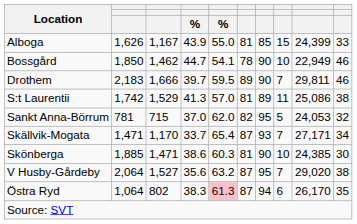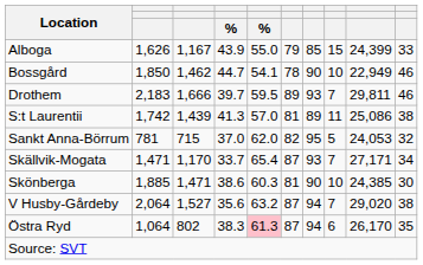 <table role="presentation" class="wikitable sortable mw-collapsible">
 <tr>
 <th rowspan="3">Location</th>
 <th></th>
 <th></th>
 <th></th>
 <th></th>
 <th></th>
 <th></th>
 <th></th>
 <th></th>
 <th></th>
 </tr>
 <tr>
 <th></th>
 <th></th>
 <th style="background:"></th>
 <th style="background:"></th>
 <th></th>
 <th></th>
 <th></th>
 <th></th>
 <th></th>
 </tr>
 <tr>
 <th data-sort-type="number"></th>
 <th data-sort-type="number"></th>
 <th data-sort-type="number">%</th>
 <th data-sort-type="number">%</th>
 <th data-sort-type="number"></th>
 <th data-sort-type="number"></th>
 <th data-sort-type="number"></th>
 <th data-sort-type="number"></th>
 <th data-sort-type="number"></th>
 </tr>
 <tr>
 <td align="left">Alboga</td>
 <td>1,626</td>
 <td>1,167</td>
 <td>43.9</td>
 <td>55.0</td>
-<td>81</td>
+<td>79</td>
 <td>85</td>
 <td>15</td>
 <td>24,399</td>
 <td>33</td>
 </tr>
 <tr>
 <td align="left">Bossgård</td>
 <td>1,850</td>
 <td>1,462</td>
 <td>44.7</td>
 <td>54.1</td>
 <td>78</td>
 <td>90</td>
 <td>10</td>
 <td>22,949</td>
 <td>46</td>
 </tr>
 <tr>
 <td align="left">Drothem</td>
 <td>2,183</td>
 <td>1,666</td>
 <td>39.7</td>
 <td>59.5</td>
 <td>89</td>
-<td>90</td>
+<td>93</td>
 <td>7</td>
 <td>29,811</td>
 <td>46</td>
 </tr>
 <tr>
 <td align="left">S:t Laurentii</td>
 <td>1,742</td>
-<td>1,529</td>
+<td>1,439</td>
 <td>41.3</td>
 <td>57.0</td>
 <td>81</td>
 <td>89</td>
 <td>11</td>
 <td>25,086</td>
 <td>38</td>
 </tr>
 <tr>
 <td align="left">Sankt Anna-Börrum</td>
 <td>781</td>
 <td>715</td>
 <td>37.0</td>
 <td>62.0</td>
 <td>82</td>
 <td>95</td>
 <td>5</td>
 <td>24,053</td>
 <td>32</td>
 </tr>
 <tr>
 <td align="left">Skällvik-Mogata</td>
 <td>1,471</td>
 <td>1,170</td>
 <td>33.7</td>
 <td>65.4</td>
 <td>87</td>
 <td>93</td>
 <td>7</td>
 <td>27,171</td>
 <td>34</td>
 </tr>
 <tr>
 <td align="left">Skönberga</td>
 <td>1,885</td>
 <td>1,471</td>
 <td>38.6</td>
 <td>60.3</td>
 <td>81</td>
 <td>90</td>
 <td>10</td>
 <td>24,385</td>
 <td>30</td>
 </tr>
 <tr>
 <td align="left">V Husby-Gårdeby</td>
 <td>2,064</td>
 <td>1,527</td>
 <td>35.6</td>
 <td>63.2</td>
 <td>87</td>
-<td>95</td>
+<td>94</td>
 <td>7</td>
 <td>29,020</td>
 <td>38</td>
 </tr>
 <tr>
 <td align="left">Östra Ryd</td>
 <td>1,064</td>
 <td>802</td>
 <td>38.3</td>
 <td style="background: pink;">61.3</td>
 <td>87</td>
 <td>94</td>
 <td>6</td>
 <td>26,170</td>
 <td>35</td>
 </tr>
 <tr>
 <td colspan="10" align="left">Source: <a href='#'>SVT</a></td>
 </tr>
 </table>
